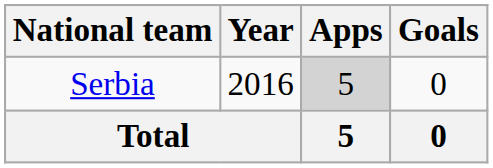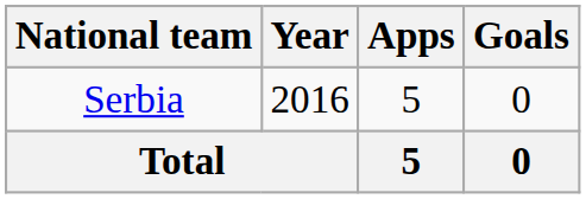 <table class="wikitable" style="text-align:center">
 <tr>
 <th>National team</th>
 <th>Year</th>
 <th>Apps</th>
 <th>Goals</th>
 </tr>
 <tr>
 <td><a href='#'>Serbia</a></td>
 <td>2016</td>
-<td style="background: lightgrey;">5</td>
+<td>5</td>
 <td>0</td>
 </tr>
 <tr>
 <th colspan="2">Total</th>
 <th>5</th>
 <th>0</th>
 </tr>
 </table>
